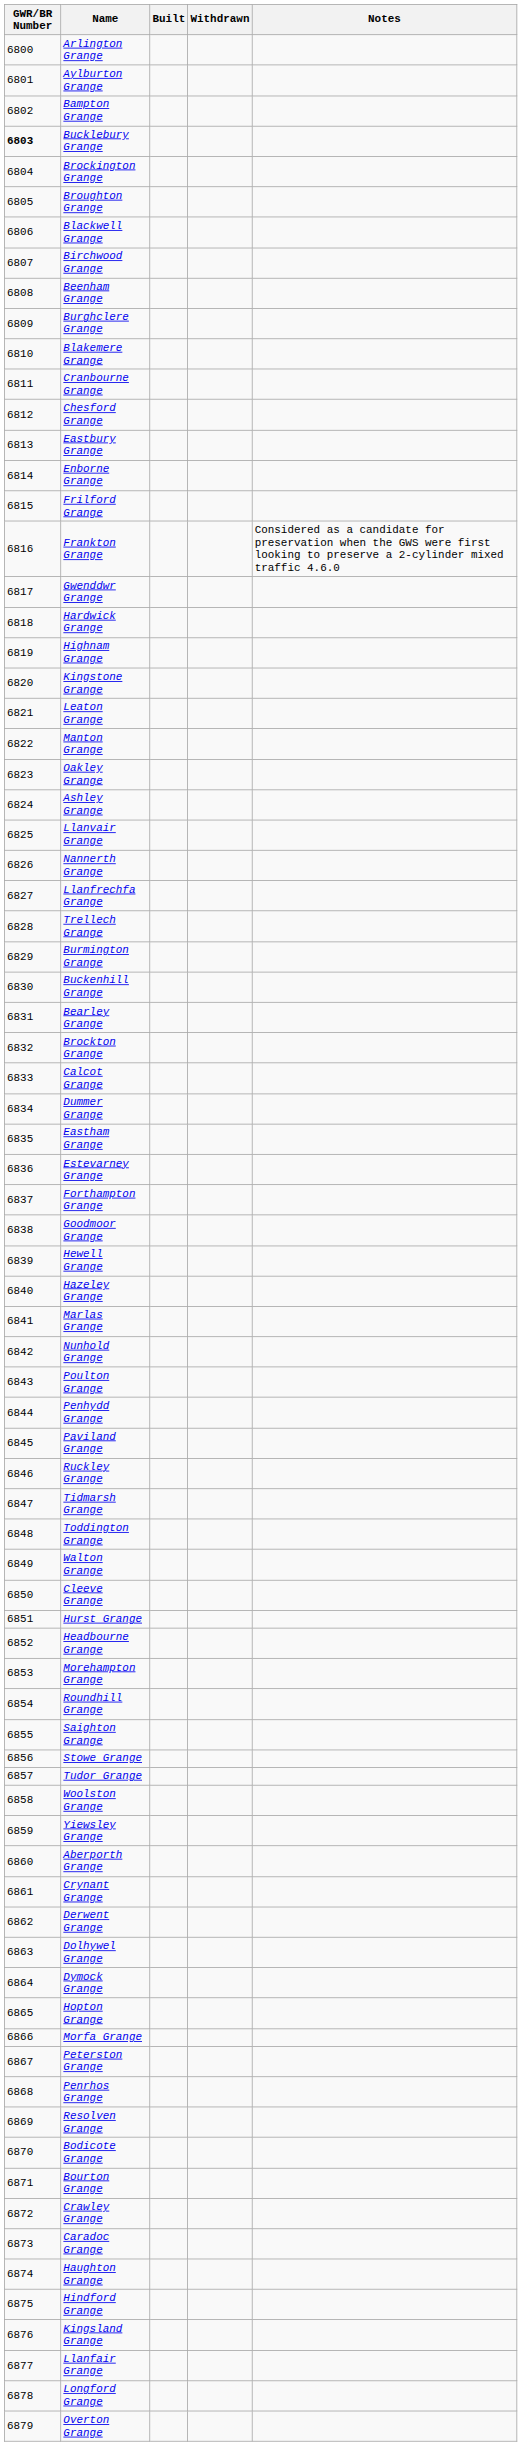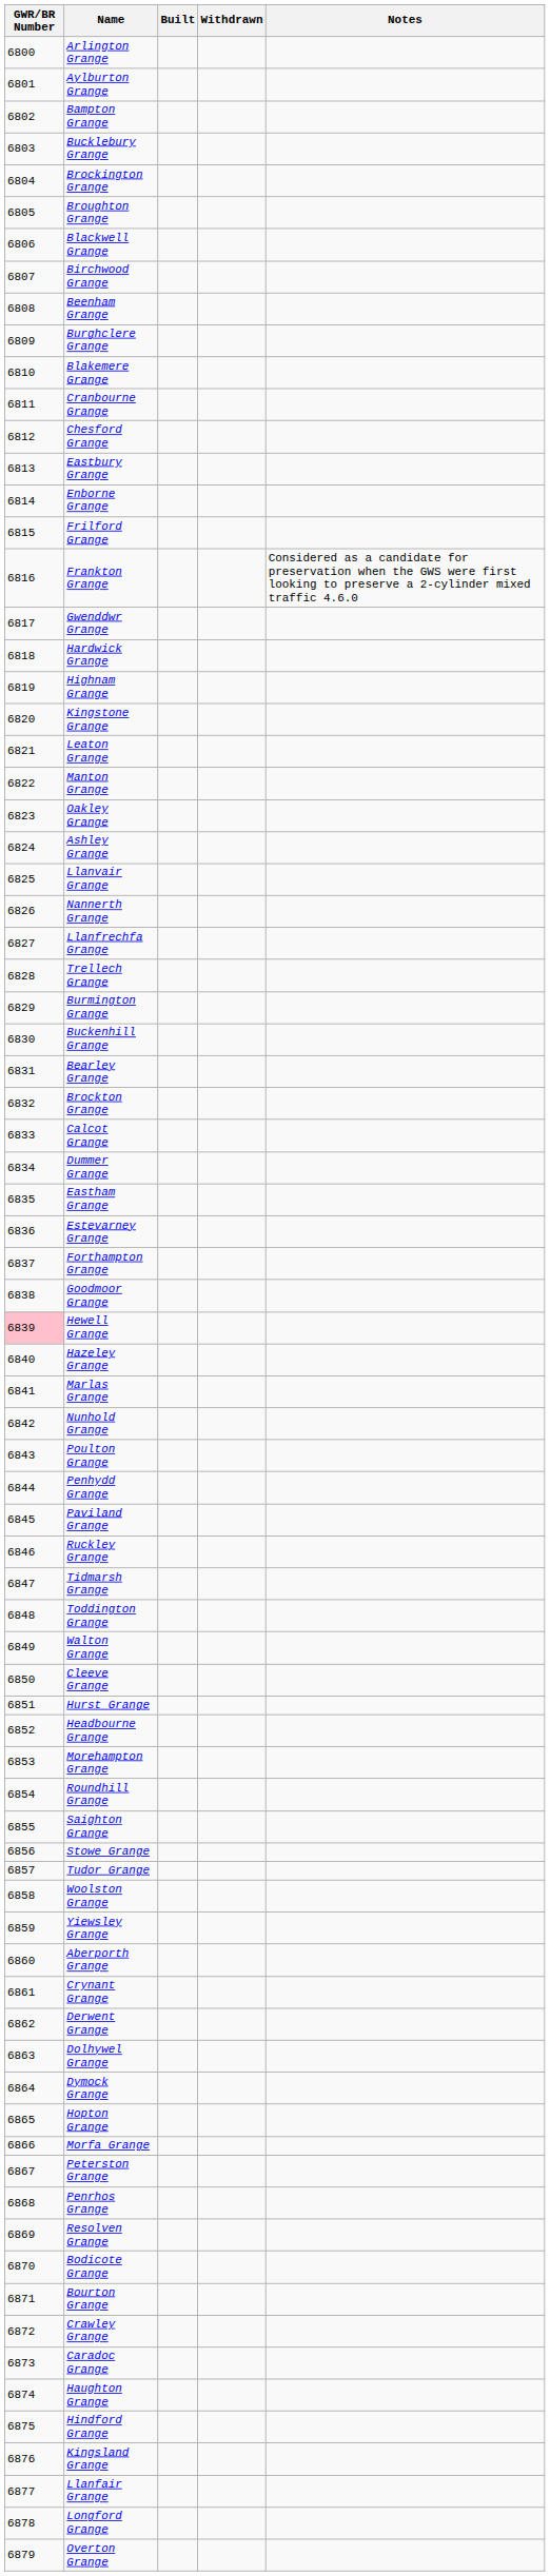 <table class="wikitable collapsible sortable collapsed" style="clear:left;">
 <tr>
 <th>GWR/BR Number</th>
 <th>Name</th>
 <th>Built</th>
 <th>Withdrawn</th>
 <th>Notes</th>
 </tr>
 <tr>
 <td>6800</td>
 <td><em><a href='#'>Arlington Grange</a></em></td>
 <td></td>
 <td></td>
 <td></td>
 </tr>
 <tr>
 <td>6801</td>
 <td><em><a href='#'>Aylburton Grange</a></em></td>
 <td></td>
 <td></td>
 <td></td>
 </tr>
 <tr>
 <td>6802</td>
 <td><em><a href='#'>Bampton Grange</a></em></td>
 <td></td>
 <td></td>
 <td></td>
 </tr>
 <tr>
-<td><strong>6803</strong></td>
+<td>6803</td>
 <td><em><a href='#'>Bucklebury Grange</a></em></td>
 <td></td>
 <td></td>
 <td></td>
 </tr>
 <tr>
 <td>6804</td>
 <td><em><a href='#'>Brockington Grange</a></em></td>
 <td></td>
 <td></td>
 <td></td>
 </tr>
 <tr>
 <td>6805</td>
 <td><em><a href='#'>Broughton Grange</a></em></td>
 <td></td>
 <td></td>
 <td></td>
 </tr>
 <tr>
 <td>6806</td>
 <td><em><a href='#'>Blackwell Grange</a></em></td>
 <td></td>
 <td></td>
 <td></td>
 </tr>
 <tr>
 <td>6807</td>
 <td><em><a href='#'>Birchwood Grange</a></em></td>
 <td></td>
 <td></td>
 <td></td>
 </tr>
 <tr>
 <td>6808</td>
 <td><em><a href='#'>Beenham Grange</a></em></td>
 <td></td>
 <td></td>
 <td></td>
 </tr>
 <tr>
 <td>6809</td>
 <td><em><a href='#'>Burghclere Grange</a></em></td>
 <td></td>
 <td></td>
 <td></td>
 </tr>
 <tr>
 <td>6810</td>
 <td><em><a href='#'>Blakemere Grange</a></em></td>
 <td></td>
 <td></td>
 <td></td>
 </tr>
 <tr>
 <td>6811</td>
 <td><em><a href='#'>Cranbourne Grange</a></em></td>
 <td></td>
 <td></td>
 <td></td>
 </tr>
 <tr>
 <td>6812</td>
 <td><em><a href='#'>Chesford Grange</a></em></td>
 <td></td>
 <td></td>
 <td></td>
 </tr>
 <tr>
 <td>6813</td>
 <td><em><a href='#'>Eastbury Grange</a></em></td>
 <td></td>
 <td></td>
 <td></td>
 </tr>
 <tr>
 <td>6814</td>
 <td><em><a href='#'>Enborne Grange</a></em></td>
 <td></td>
 <td></td>
 <td></td>
 </tr>
 <tr>
 <td>6815</td>
 <td><em><a href='#'>Frilford Grange</a></em></td>
 <td></td>
 <td></td>
 <td></td>
 </tr>
 <tr>
 <td>6816</td>
 <td><em><a href='#'>Frankton Grange</a></em></td>
 <td></td>
 <td></td>
 <td>Considered as a candidate for preservation when the GWS were first looking to preserve a 2-cylinder mixed traffic 4.6.0</td>
 </tr>
 <tr>
 <td>6817</td>
 <td><em><a href='#'>Gwenddwr Grange</a></em></td>
 <td></td>
 <td></td>
 <td></td>
 </tr>
 <tr>
 <td>6818</td>
 <td><em><a href='#'>Hardwick Grange</a></em></td>
 <td></td>
 <td></td>
 <td></td>
 </tr>
 <tr>
 <td>6819</td>
 <td><em><a href='#'>Highnam Grange</a></em></td>
 <td></td>
 <td></td>
 <td></td>
 </tr>
 <tr>
 <td>6820</td>
 <td><em><a href='#'>Kingstone Grange</a></em></td>
 <td></td>
 <td></td>
 <td></td>
 </tr>
 <tr>
 <td>6821</td>
 <td><em><a href='#'>Leaton Grange</a></em></td>
 <td></td>
 <td></td>
 <td></td>
 </tr>
 <tr>
 <td>6822</td>
 <td><em><a href='#'>Manton Grange</a></em></td>
 <td></td>
 <td></td>
 <td></td>
 </tr>
 <tr>
 <td>6823</td>
 <td><em><a href='#'>Oakley Grange</a></em></td>
 <td></td>
 <td></td>
 <td></td>
 </tr>
 <tr>
 <td>6824</td>
 <td><em><a href='#'>Ashley Grange</a></em></td>
 <td></td>
 <td></td>
 <td></td>
 </tr>
 <tr>
 <td>6825</td>
 <td><em><a href='#'>Llanvair Grange</a></em></td>
 <td></td>
 <td></td>
 <td></td>
 </tr>
 <tr>
 <td>6826</td>
 <td><em><a href='#'>Nannerth Grange</a></em></td>
 <td></td>
 <td></td>
 <td></td>
 </tr>
 <tr>
 <td>6827</td>
 <td><em><a href='#'>Llanfrechfa Grange</a></em></td>
 <td></td>
 <td></td>
 <td></td>
 </tr>
 <tr>
 <td>6828</td>
 <td><em><a href='#'>Trellech Grange</a></em></td>
 <td></td>
 <td></td>
 <td></td>
 </tr>
 <tr>
 <td>6829</td>
 <td><em><a href='#'>Burmington Grange</a></em></td>
 <td></td>
 <td></td>
 <td></td>
 </tr>
 <tr>
 <td>6830</td>
 <td><em><a href='#'>Buckenhill Grange</a></em></td>
 <td></td>
 <td></td>
 <td></td>
 </tr>
 <tr>
 <td>6831</td>
 <td><em><a href='#'>Bearley Grange</a></em></td>
 <td></td>
 <td></td>
 <td></td>
 </tr>
 <tr>
 <td>6832</td>
 <td><em><a href='#'>Brockton Grange</a></em></td>
 <td></td>
 <td></td>
 <td></td>
 </tr>
 <tr>
 <td>6833</td>
 <td><em><a href='#'>Calcot Grange</a></em></td>
 <td></td>
 <td></td>
 <td></td>
 </tr>
 <tr>
 <td>6834</td>
 <td><em><a href='#'>Dummer Grange</a></em></td>
 <td></td>
 <td></td>
 <td></td>
 </tr>
 <tr>
 <td>6835</td>
 <td><em><a href='#'>Eastham Grange</a></em></td>
 <td></td>
 <td></td>
 <td></td>
 </tr>
 <tr>
 <td>6836</td>
 <td><em><a href='#'>Estevarney Grange</a></em></td>
 <td></td>
 <td></td>
 <td></td>
 </tr>
 <tr>
 <td>6837</td>
 <td><em><a href='#'>Forthampton Grange</a></em></td>
 <td></td>
 <td></td>
 <td></td>
 </tr>
 <tr>
 <td>6838</td>
 <td><em><a href='#'>Goodmoor Grange</a></em></td>
 <td></td>
 <td></td>
 <td></td>
 </tr>
 <tr>
-<td>6839</td>
+<td style="background: pink;">6839</td>
 <td><em><a href='#'>Hewell Grange</a></em></td>
 <td></td>
 <td></td>
 <td></td>
 </tr>
 <tr>
 <td>6840</td>
 <td><em><a href='#'>Hazeley Grange</a></em></td>
 <td></td>
 <td></td>
 <td></td>
 </tr>
 <tr>
 <td>6841</td>
 <td><em><a href='#'>Marlas Grange</a></em></td>
 <td></td>
 <td></td>
 <td></td>
 </tr>
 <tr>
 <td>6842</td>
 <td><em><a href='#'>Nunhold Grange</a></em></td>
 <td></td>
 <td></td>
 <td></td>
 </tr>
 <tr>
 <td>6843</td>
 <td><em><a href='#'>Poulton Grange</a></em></td>
 <td></td>
 <td></td>
 <td></td>
 </tr>
 <tr>
 <td>6844</td>
 <td><em><a href='#'>Penhydd Grange</a></em></td>
 <td></td>
 <td></td>
 <td></td>
 </tr>
 <tr>
 <td>6845</td>
 <td><em><a href='#'>Paviland Grange</a></em></td>
 <td></td>
 <td></td>
 <td></td>
 </tr>
 <tr>
 <td>6846</td>
 <td><em><a href='#'>Ruckley Grange</a></em></td>
 <td></td>
 <td></td>
 <td></td>
 </tr>
 <tr>
 <td>6847</td>
 <td><em><a href='#'>Tidmarsh Grange</a></em></td>
 <td></td>
 <td></td>
 <td></td>
 </tr>
 <tr>
 <td>6848</td>
 <td><em><a href='#'>Toddington Grange</a></em></td>
 <td></td>
 <td></td>
 <td></td>
 </tr>
 <tr>
 <td>6849</td>
 <td><em><a href='#'>Walton Grange</a></em></td>
 <td></td>
 <td></td>
 <td></td>
 </tr>
 <tr>
 <td>6850</td>
 <td><em><a href='#'>Cleeve Grange</a></em></td>
 <td></td>
 <td></td>
 <td></td>
 </tr>
 <tr>
 <td>6851</td>
 <td><em><a href='#'>Hurst Grange</a></em></td>
 <td></td>
 <td></td>
 <td></td>
 </tr>
 <tr>
 <td>6852</td>
 <td><em><a href='#'>Headbourne Grange</a></em></td>
 <td></td>
 <td></td>
 <td></td>
 </tr>
 <tr>
 <td>6853</td>
 <td><em><a href='#'>Morehampton Grange</a></em></td>
 <td></td>
 <td></td>
 <td></td>
 </tr>
 <tr>
 <td>6854</td>
 <td><em><a href='#'>Roundhill Grange</a></em></td>
 <td></td>
 <td></td>
 <td></td>
 </tr>
 <tr>
 <td>6855</td>
 <td><em><a href='#'>Saighton Grange</a></em></td>
 <td></td>
 <td></td>
 <td></td>
 </tr>
 <tr>
 <td>6856</td>
 <td><em><a href='#'>Stowe Grange</a></em></td>
 <td></td>
 <td></td>
 <td></td>
 </tr>
 <tr>
 <td>6857</td>
 <td><em><a href='#'>Tudor Grange</a></em></td>
 <td></td>
 <td></td>
 <td></td>
 </tr>
 <tr>
 <td>6858</td>
 <td><em><a href='#'>Woolston Grange</a></em></td>
 <td></td>
 <td></td>
 <td></td>
 </tr>
 <tr>
 <td>6859</td>
 <td><em><a href='#'>Yiewsley Grange</a></em></td>
 <td></td>
 <td></td>
 <td></td>
 </tr>
 <tr>
 <td>6860</td>
 <td><em><a href='#'>Aberporth Grange</a></em></td>
 <td></td>
 <td></td>
 <td></td>
 </tr>
 <tr>
 <td>6861</td>
 <td><em><a href='#'>Crynant Grange</a></em></td>
 <td></td>
 <td></td>
 <td></td>
 </tr>
 <tr>
 <td>6862</td>
 <td><em><a href='#'>Derwent Grange</a></em></td>
 <td></td>
 <td></td>
 <td></td>
 </tr>
 <tr>
 <td>6863</td>
 <td><em><a href='#'>Dolhywel Grange</a></em></td>
 <td></td>
 <td></td>
 <td></td>
 </tr>
 <tr>
 <td>6864</td>
 <td><em><a href='#'>Dymock Grange</a></em></td>
 <td></td>
 <td></td>
 <td></td>
 </tr>
 <tr>
 <td>6865</td>
 <td><em><a href='#'>Hopton Grange</a></em></td>
 <td></td>
 <td></td>
 <td></td>
 </tr>
 <tr>
 <td>6866</td>
 <td><em><a href='#'>Morfa Grange</a></em></td>
 <td></td>
 <td></td>
 <td></td>
 </tr>
 <tr>
 <td>6867</td>
 <td><em><a href='#'>Peterston Grange</a></em></td>
 <td></td>
 <td></td>
 <td></td>
 </tr>
 <tr>
 <td>6868</td>
 <td><em><a href='#'>Penrhos Grange</a></em></td>
 <td></td>
 <td></td>
 <td></td>
 </tr>
 <tr>
 <td>6869</td>
 <td><em><a href='#'>Resolven Grange</a></em></td>
 <td></td>
 <td></td>
 <td></td>
 </tr>
 <tr>
 <td>6870</td>
 <td><em><a href='#'>Bodicote Grange</a></em></td>
 <td></td>
 <td></td>
 <td></td>
 </tr>
 <tr>
 <td>6871</td>
 <td><em><a href='#'>Bourton Grange</a></em></td>
 <td></td>
 <td></td>
 <td></td>
 </tr>
 <tr>
 <td>6872</td>
 <td><em><a href='#'>Crawley Grange</a></em></td>
 <td></td>
 <td></td>
 <td></td>
 </tr>
 <tr>
 <td>6873</td>
 <td><em><a href='#'>Caradoc Grange</a></em></td>
 <td></td>
 <td></td>
 <td></td>
 </tr>
 <tr>
 <td>6874</td>
 <td><em><a href='#'>Haughton Grange</a></em></td>
 <td></td>
 <td></td>
 <td></td>
 </tr>
 <tr>
 <td>6875</td>
 <td><em><a href='#'>Hindford Grange</a></em></td>
 <td></td>
 <td></td>
 <td></td>
 </tr>
 <tr>
 <td>6876</td>
 <td><em><a href='#'>Kingsland Grange</a></em></td>
 <td></td>
 <td></td>
 <td></td>
 </tr>
 <tr>
 <td>6877</td>
 <td><em><a href='#'>Llanfair Grange</a></em></td>
 <td></td>
 <td></td>
 <td></td>
 </tr>
 <tr>
 <td>6878</td>
 <td><em><a href='#'>Longford Grange</a></em></td>
 <td></td>
 <td></td>
 <td></td>
 </tr>
 <tr>
 <td>6879</td>
 <td><em><a href='#'>Overton Grange</a></em></td>
 <td></td>
 <td></td>
 <td><br></td>
 </tr>
 </table>
